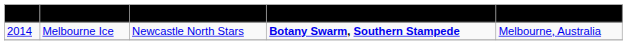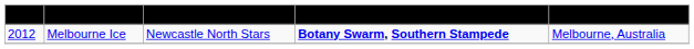 <table class="wikitable" style="font-size:95%; width:55em">
 <tr>
 <th style="background:#000000"><span>Year</span></th>
 <th style="background:#000000"><span>Winner</span></th>
 <th style="background:#000000"><span>Runner-up</span></th>
 <th style="background:#000000"><span>Other competitors</span></th>
 <th style="background:#000000"><span>Host</span></th>
 </tr>
 <tr>
-<td><a href='#'>2014</a></td>
+<td><a href='#'>2012</a></td>
 <td><a href='#'>Melbourne Ice</a></td>
 <td><a href='#'>Newcastle North Stars</a></td>
 <td><strong><a href='#'>Botany Swarm</a>, <a href='#'>Southern Stampede</a></strong></td>
 <td><a href='#'>Melbourne, Australia</a></td>
 </tr>
 <tr>
 </tr>
 </table>
